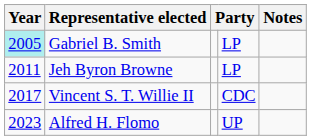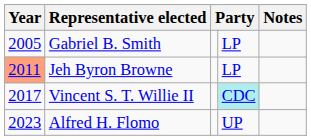 <table class="wikitable">
 <tr>
 <th>Year</th>
 <th>Representative elected</th>
 <th colspan=2>Party</th>
 <th>Notes</th>
 </tr>
 <tr>
-<td style="background: paleturquoise;"><a href='#'>2005</a></td>
+<td><a href='#'>2005</a></td>
 <td><a href='#'>Gabriel B. Smith</a></td>
 <td></td>
 <td><a href='#'>LP</a></td>
 <td></td>
 </tr>
 <tr>
-<td><a href='#'>2011</a></td>
+<td style="background: lightsalmon;"><a href='#'>2011</a></td>
 <td><a href='#'>Jeh Byron Browne</a></td>
 <td></td>
 <td><a href='#'>LP</a></td>
 <td></td>
 </tr>
 <tr>
 <td><a href='#'>2017</a></td>
 <td><a href='#'>Vincent S. T. Willie II</a></td>
 <td></td>
-<td><a href='#'>CDC</a></td>
+<td style="background: paleturquoise;"><a href='#'>CDC</a></td>
 <td></td>
 </tr>
 <tr>
 <td><a href='#'>2023</a></td>
 <td><a href='#'>Alfred H. Flomo</a></td>
 <td></td>
 <td><a href='#'>UP</a></td>
 <td></td>
 </tr>
 </table>
